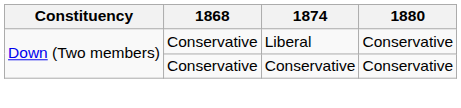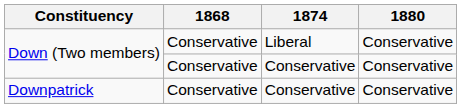 <table class="wikitable">
 <tr>
 <th>Constituency</th>
 <th>1868</th>
 <th>1874</th>
 <th>1880</th>
 </tr>
 <tr>
 <td rowspan="2"><a href='#'>Down</a> (Two members)</td>
 <td>Conservative</td>
 <td>Liberal</td>
 <td>Conservative</td>
 </tr>
 <tr>
 <td>Conservative</td>
 <td>Conservative</td>
 <td>Conservative</td>
 </tr>
+<tr>
+<td><a href='#'>Downpatrick</a></td>
+<td>Conservative</td>
+<td>Conservative</td>
+<td>Conservative</td>
+</tr>
 </table>
